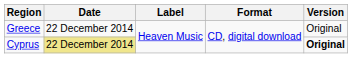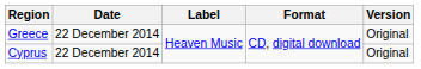 <table class="sortable wikitable">
 <tr>
 <th>Region</th>
 <th>Date</th>
 <th>Label</th>
 <th>Format</th>
 <th>Version</th>
 </tr>
 <tr>
 <td><a href='#'>Greece</a></td>
 <td>22 December 2014</td>
 <td rowspan="2"><a href='#'>Heaven Music</a></td>
 <td rowspan="2"><a href='#'>CD</a>, <a href='#'>digital download</a></td>
 <td>Original</td>
 </tr>
 <tr>
 <td><a href='#'>Cyprus</a></td>
-<td style="background: khaki;">22 December 2014</td>
-<td><strong>Original</strong></td>
+<td>22 December 2014</td>
+<td>Original</td>
 </tr>
 </table>
